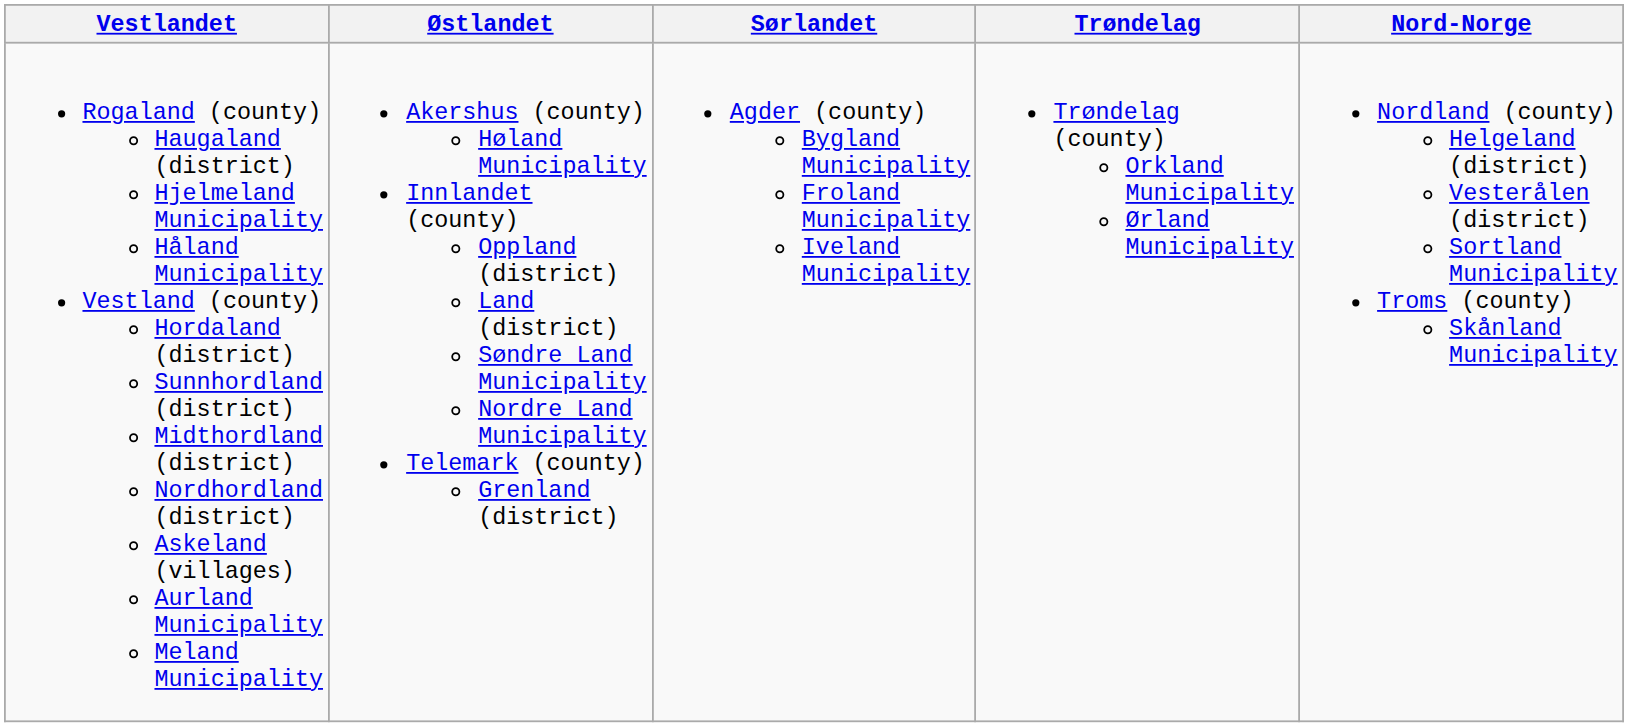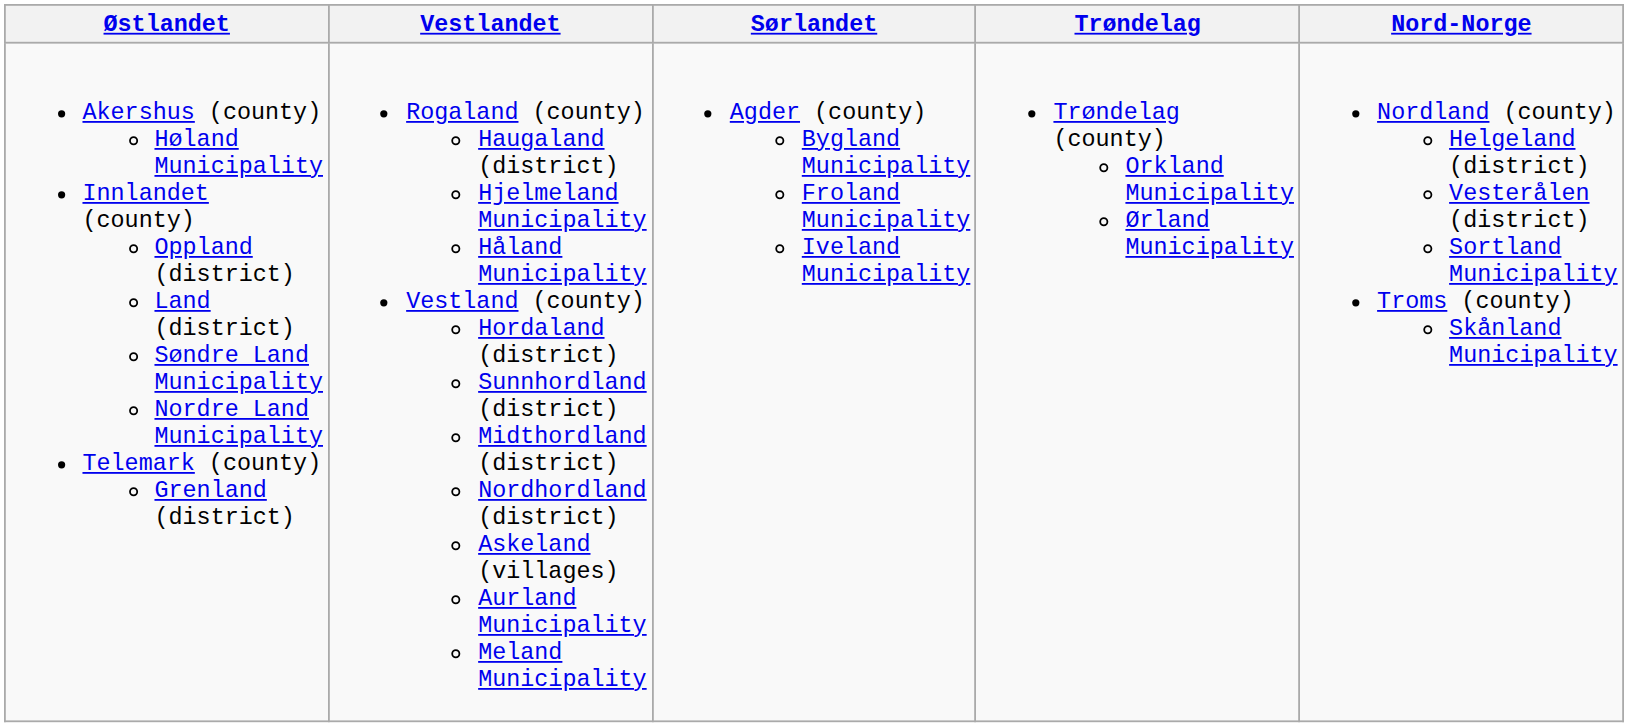 <table class="wikitable">
 <tr>
+<th><a href='#'>Østlandet</a></th>
 <th><a href='#'>Vestlandet</a></th>
-<th><a href='#'>Østlandet</a></th>
 <th><a href='#'>Sørlandet</a></th>
 <th><a href='#'>Trøndelag</a></th>
 <th><a href='#'>Nord-Norge</a></th>
 </tr>
 <tr>
+<td valign="top"><br><ul><li><a href='#'>Akershus</a> (county)<ul><li><a href='#'>Høland Municipality</a></li></ul></li><li><a href='#'>Innlandet</a> (county)<ul><li><a href='#'>Oppland</a> (district)</li><li><a href='#'>Land</a> (district)</li><li><a href='#'>Søndre Land Municipality</a></li><li><a href='#'>Nordre Land Municipality</a></li></ul></li><li><a href='#'>Telemark</a> (county)<ul><li><a href='#'>Grenland</a> (district)</li></ul></li></ul></td>
 <td valign="top"><br><ul><li><a href='#'>Rogaland</a> (county)<ul><li><a href='#'>Haugaland</a> (district)</li><li><a href='#'>Hjelmeland Municipality</a></li><li><a href='#'>Håland Municipality</a></li></ul></li><li><a href='#'>Vestland</a> (county)<ul><li><a href='#'>Hordaland</a> (district)</li><li><a href='#'>Sunnhordland</a> (district)</li><li><a href='#'>Midthordland</a> (district)</li><li><a href='#'>Nordhordland</a> (district)</li><li><a href='#'>Askeland</a> (villages)</li><li><a href='#'>Aurland Municipality</a></li><li><a href='#'>Meland Municipality</a></li></ul></li></ul></td>
-<td valign="top"><br><ul><li><a href='#'>Akershus</a> (county)<ul><li><a href='#'>Høland Municipality</a></li></ul></li><li><a href='#'>Innlandet</a> (county)<ul><li><a href='#'>Oppland</a> (district)</li><li><a href='#'>Land</a> (district)</li><li><a href='#'>Søndre Land Municipality</a></li><li><a href='#'>Nordre Land Municipality</a></li></ul></li><li><a href='#'>Telemark</a> (county)<ul><li><a href='#'>Grenland</a> (district)</li></ul></li></ul></td>
 <td valign="top"><br><ul><li><a href='#'>Agder</a> (county)<ul><li><a href='#'>Bygland Municipality</a></li><li><a href='#'>Froland Municipality</a></li><li><a href='#'>Iveland Municipality</a></li></ul></li></ul></td>
 <td valign="top"><br><ul><li><a href='#'>Trøndelag</a> (county)<ul><li><a href='#'>Orkland Municipality</a></li><li><a href='#'>Ørland Municipality</a></li></ul></li></ul></td>
 <td valign="top"><br><ul><li><a href='#'>Nordland</a> (county)<ul><li><a href='#'>Helgeland</a> (district)</li><li><a href='#'>Vesterålen</a> (district)</li><li><a href='#'>Sortland Municipality</a></li></ul></li><li><a href='#'>Troms</a> (county)<ul><li><a href='#'>Skånland Municipality</a></li></ul></li></ul></td>
 </tr>
 </table>
